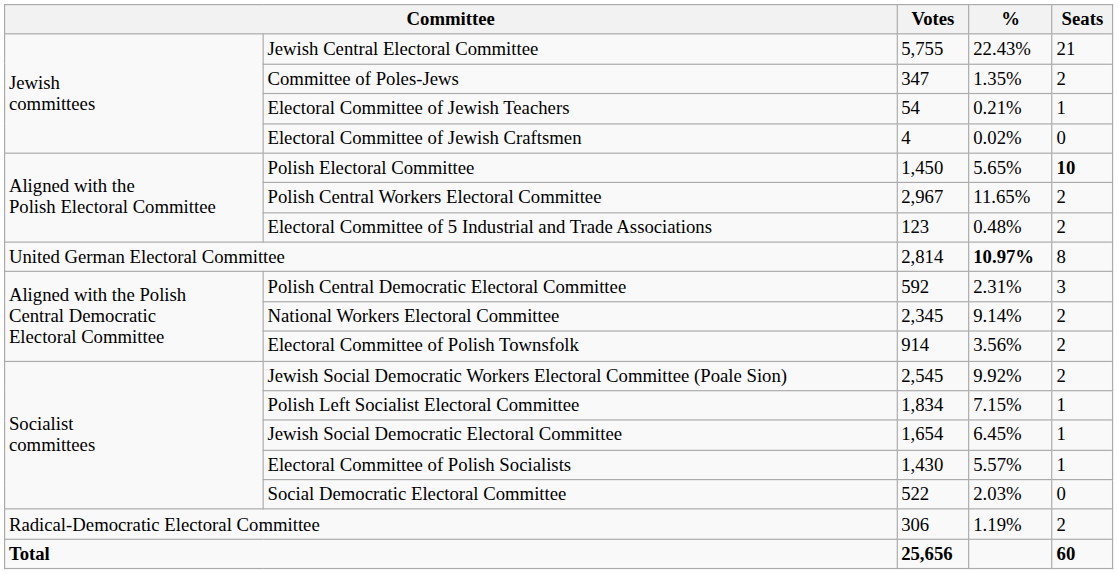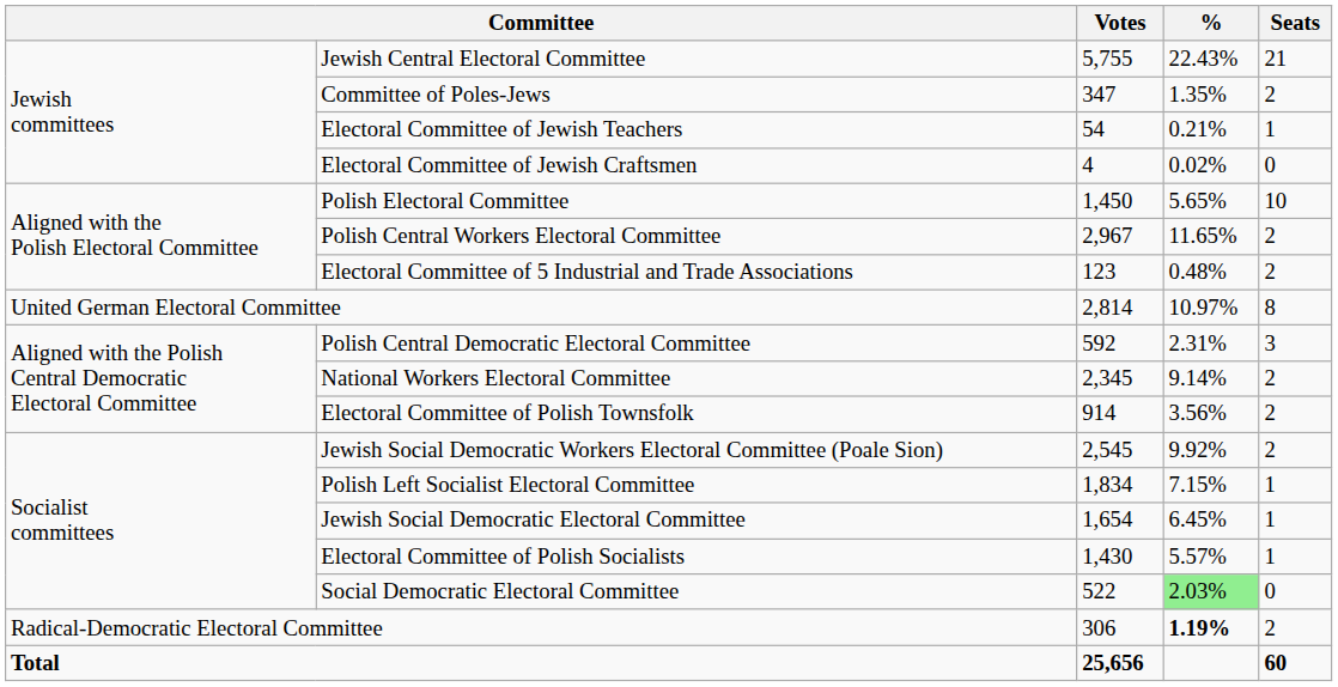 <table class="wikitable" width="75%">
 <tr>
 <th colspan=2>Committee</th>
 <th>Votes</th>
 <th>%</th>
 <th>Seats</th>
 </tr>
 <tr>
 <td rowspan=4>Jewish<br>committees</td>
 <td>Jewish Central Electoral Committee</td>
 <td>5,755</td>
 <td>22.43%</td>
 <td>21</td>
 </tr>
 <tr>
 <td>Committee of Poles-Jews</td>
 <td>347</td>
 <td>1.35%</td>
 <td>2</td>
 </tr>
 <tr>
 <td>Electoral Committee of Jewish Teachers</td>
 <td>54</td>
 <td>0.21%</td>
 <td>1</td>
 </tr>
 <tr>
 <td>Electoral Committee of Jewish Craftsmen</td>
 <td>4</td>
 <td>0.02%</td>
 <td>0</td>
 </tr>
 <tr>
 <td rowspan=3>Aligned with the<br>Polish Electoral Committee</td>
 <td>Polish Electoral Committee</td>
 <td>1,450</td>
 <td>5.65%</td>
-<td><strong>10</strong></td>
+<td>10</td>
 </tr>
 <tr>
 <td>Polish Central Workers Electoral Committee</td>
 <td>2,967</td>
 <td>11.65%</td>
 <td>2</td>
 </tr>
 <tr>
 <td>Electoral Committee of 5 Industrial and Trade Associations</td>
 <td>123</td>
 <td>0.48%</td>
 <td>2</td>
 </tr>
 <tr>
 <td colspan=2>United German Electoral Committee</td>
 <td>2,814</td>
-<td><strong>10.97%</strong></td>
+<td>10.97%</td>
 <td>8</td>
 </tr>
 <tr>
 <td rowspan=3>Aligned with the Polish<br>Central Democratic<br>Electoral Committee</td>
 <td>Polish Central Democratic Electoral Committee</td>
 <td>592</td>
 <td>2.31%</td>
 <td>3</td>
 </tr>
 <tr>
 <td>National Workers Electoral Committee</td>
 <td>2,345</td>
 <td>9.14%</td>
 <td>2</td>
 </tr>
 <tr>
 <td>Electoral Committee of Polish Townsfolk</td>
 <td>914</td>
 <td>3.56%</td>
 <td>2</td>
 </tr>
 <tr>
 <td rowspan=5>Socialist<br>committees</td>
 <td>Jewish Social Democratic Workers Electoral Committee (Poale Sion)</td>
 <td>2,545</td>
 <td>9.92%</td>
 <td>2</td>
 </tr>
 <tr>
 <td>Polish Left Socialist Electoral Committee</td>
 <td>1,834</td>
 <td>7.15%</td>
 <td>1</td>
 </tr>
 <tr>
 <td>Jewish Social Democratic Electoral Committee</td>
 <td>1,654</td>
 <td>6.45%</td>
 <td>1</td>
 </tr>
 <tr>
 <td>Electoral Committee of Polish Socialists</td>
 <td>1,430</td>
 <td>5.57%</td>
 <td>1</td>
 </tr>
 <tr>
 <td>Social Democratic Electoral Committee</td>
 <td>522</td>
-<td>2.03%</td>
+<td style="background: lightgreen;">2.03%</td>
 <td>0</td>
 </tr>
 <tr>
 <td colspan=2>Radical-Democratic Electoral Committee</td>
 <td>306</td>
-<td>1.19%</td>
+<td><strong>1.19%</strong></td>
 <td>2</td>
 </tr>
 <tr>
 <td colspan=2><strong>Total</strong></td>
 <td><strong>25,656</strong></td>
 <td></td>
 <td><strong>60</strong></td>
 </tr>
 </table>
